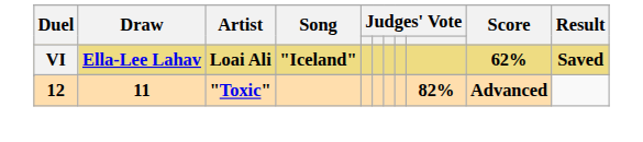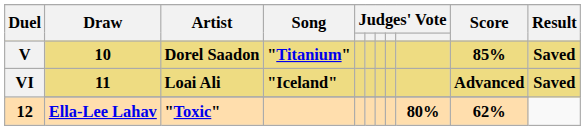 <table class="sortable wikitable" style="margin: 1em auto 1em auto; text-align:center; font-size:90%; line-height:18px;">
 <tr>
 </tr>
 <tr>
 <th rowspan="2" class="unsortable">Duel</th>
 <th rowspan="2">Draw</th>
 <th rowspan="2">Artist</th>
 <th rowspan="2">Song</th>
 <th colspan="5" class="unsortable">Judges' Vote</th>
 <th rowspan="2">Score</th>
 <th rowspan="2">Result</th>
 </tr>
 <tr>
 <th class="unsortable"></th>
 <th class="unsortable"></th>
 <th class="unsortable"></th>
 <th class="unsortable"></th>
 <th class="unsortable"></th>
 </tr>
 <tr style="font-weight:bold; background:#eedc82;">
+<th>V</th>
+<td>10</td>
+<td align="left">Dorel Saadon</td>
+<td align="left">"<a href='#'>Titanium</a>"</td>
+<td></td>
+<td></td>
+<td></td>
+<td></td>
+<td></td>
+<td>85%</td>
+<td>Saved</td>
+</tr>
+<tr style="font-weight:bold; background:#eedc82;">
 <th rowspan="2">VI</th>
-<td align="left"><a href='#'>Ella-Lee Lahav</a></td>
+<td>11</td>
 <td align="left">Loai Ali</td>
 <td align="left">"Iceland"</td>
 <td></td>
 <td></td>
 <td></td>
 <td></td>
 <td></td>
-<td>62%</td>
+<td>Advanced</td>
 <td>Saved</td>
 </tr>
 <tr>
 </tr>
 <tr style="font-weight:bold; background:navajowhite;">
 <td>12</td>
-<td>11</td>
+<td align="left"><a href='#'>Ella-Lee Lahav</a></td>
 <td align="left">"<a href='#'>Toxic</a>"</td>
 <td></td>
 <td></td>
 <td></td>
 <td></td>
 <td></td>
-<td>82%</td>
-<td>Advanced</td>
+<td>80%</td>
+<td>62%</td>
 </tr>
 </table>
